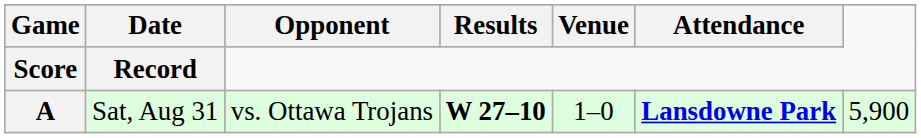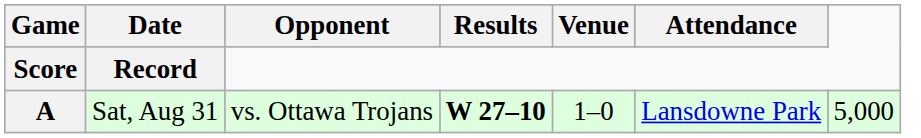 <table class="wikitable" style="text-align:center">
 <tr>
 <th>Game</th>
 <th>Date</th>
 <th>Opponent</th>
 <th>Results</th>
 <th>Venue</th>
 <th>Attendance</th>
 </tr>
 <tr>
 <th>Score</th>
 <th>Record</th>
 </tr>
 <tr style="background:#ddffdd">
 <th>A</th>
 <td>Sat, Aug 31</td>
 <td>vs. Ottawa Trojans</td>
 <td><strong>W 27–10</strong></td>
 <td>1–0</td>
-<td><strong><a href='#'>Lansdowne Park</a></strong></td>
-<td>5,900</td>
+<td><a href='#'>Lansdowne Park</a></td>
+<td>5,000</td>
 </tr>
 </table>
